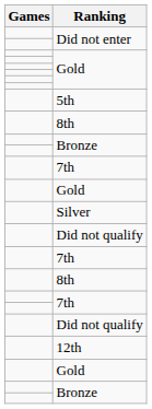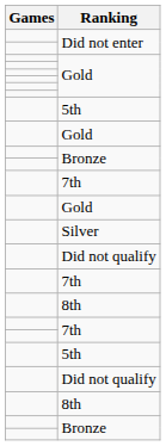 <table class="wikitable sortable">
 <tr>
 <th>Games</th>
 <th>Ranking</th>
 </tr>
 <tr>
 <td></td>
 <td rowspan="2">Did not enter</td>
 </tr>
 <tr>
 <td></td>
 </tr>
 <tr>
 <td></td>
 <td rowspan="6"> Gold</td>
 </tr>
 <tr>
 <td></td>
 </tr>
 <tr>
 <td></td>
 </tr>
 <tr>
 <td></td>
 </tr>
 <tr>
 <td></td>
 </tr>
 <tr>
 <td></td>
 </tr>
 <tr>
 <td></td>
 <td>5th</td>
 </tr>
 <tr>
 <td></td>
-<td>8th</td>
+<td> Gold</td>
 </tr>
 <tr>
 <td></td>
 <td rowspan="2"> Bronze</td>
 </tr>
 <tr>
 <td></td>
 </tr>
 <tr>
 <td></td>
 <td>7th</td>
 </tr>
 <tr>
 <td></td>
 <td> Gold</td>
 </tr>
 <tr>
 <td></td>
 <td> Silver</td>
 </tr>
 <tr>
 <td></td>
 <td>Did not qualify</td>
 </tr>
 <tr>
 <td></td>
 <td>7th</td>
 </tr>
 <tr>
 <td></td>
 <td>8th</td>
 </tr>
 <tr>
 <td></td>
 <td rowspan="2">7th</td>
 </tr>
 <tr>
 <td></td>
 </tr>
 <tr>
 <td></td>
+<td>5th</td>
+</tr>
+<tr>
+<td></td>
 <td>Did not qualify</td>
 </tr>
 <tr>
 <td></td>
-<td>12th</td>
-</tr>
-<tr>
-<td></td>
-<td> Gold</td>
+<td>8th</td>
 </tr>
 <tr>
 <td></td>
 <td rowspan="2"> Bronze</td>
 </tr>
 <tr>
 <td></td>
 </tr>
 </table>
